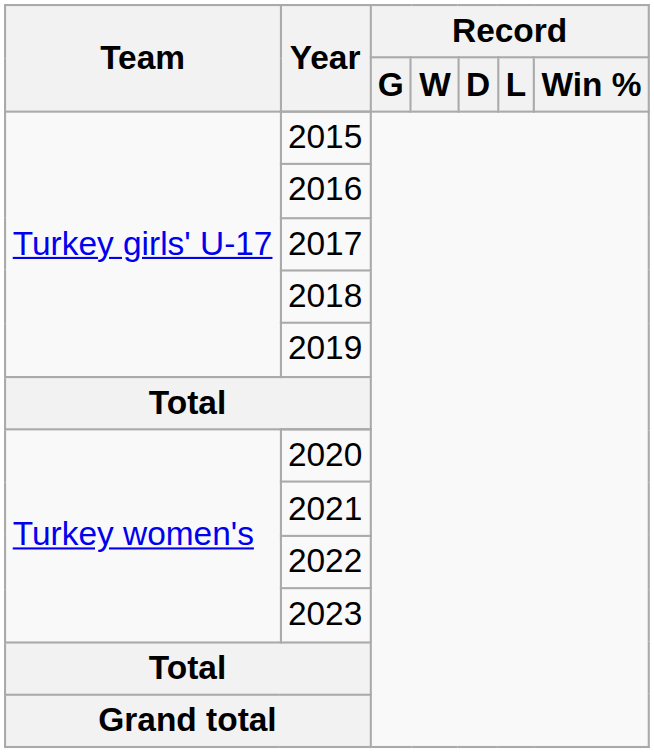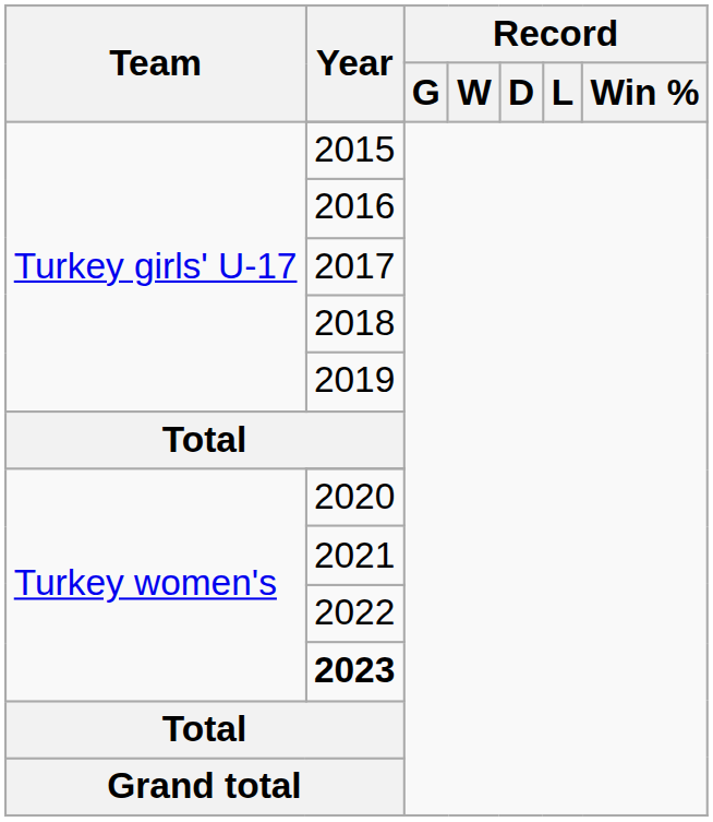 <table class="wikitable" style="text-align: center">
 <tr>
 <th rowspan="2">Team</th>
 <th rowspan="2">Year</th>
 <th colspan="5">Record</th>
 </tr>
 <tr>
 <th>G</th>
 <th>W</th>
 <th>D</th>
 <th>L</th>
 <th>Win %</th>
 </tr>
 <tr>
 <td rowspan=6 align=left><a href='#'>Turkey girls' U-17</a></td>
 </tr>
 <tr>
 <td align=left>2015<br></td>
 </tr>
 <tr>
 <td align=left>2016<br></td>
 </tr>
 <tr>
 <td align=left>2017<br></td>
 </tr>
 <tr>
 <td align=left>2018<br></td>
 </tr>
 <tr>
 <td align=left>2019<br></td>
 </tr>
 <tr>
 <th colspan=2 align=left>Total<br></th>
 </tr>
 <tr>
 <td rowspan=5 align=left><a href='#'>Turkey women's</a></td>
 </tr>
 <tr>
 <td align=left>2020<br></td>
 </tr>
 <tr>
 <td align=left>2021<br></td>
 </tr>
 <tr>
 <td align=left>2022<br></td>
 </tr>
 <tr>
-<td align=left>2023<br></td>
+<td align=left><strong>2023<br></strong></td>
 </tr>
 <tr>
 <th colspan=2 align=left>Total<br></th>
 </tr>
 <tr>
 <th colspan=2 align=left>Grand total<br></th>
 </tr>
 </table>
